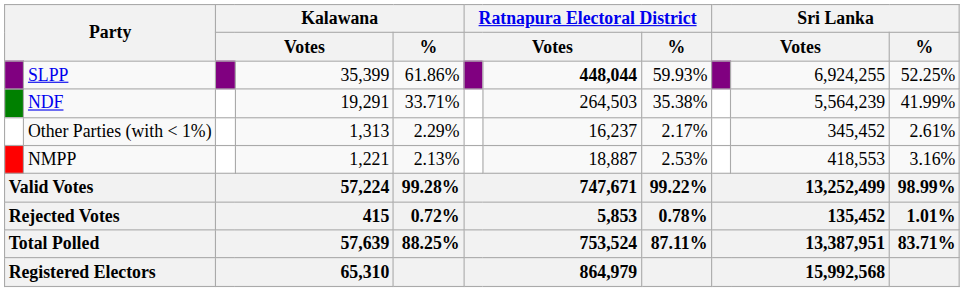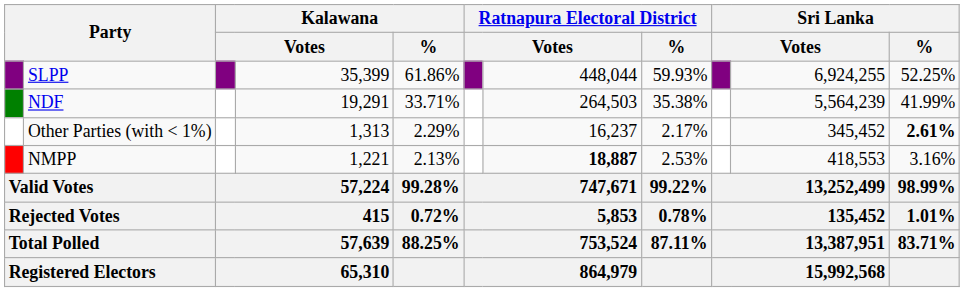 <table class="wikitable">
 <tr>
 <th colspan="2" width="144px"rowspan="2">Party</th>
 <th colspan="3" width="216px">Kalawana</th>
 <th colspan="3" width="216px"><a href='#'>Ratnapura Electoral District</a></th>
 <th colspan="3" width="216px">Sri Lanka</th>
 </tr>
 <tr>
 <th colspan="2" width="144px">Votes</th>
 <th>%</th>
 <th colspan="2" width="144px">Votes</th>
 <th>%</th>
 <th colspan="2" width="144px">Votes</th>
 <th>%</th>
 </tr>
 <tr>
 <td style="background-color:purple;" width="10px"></td>
 <td style="text-align:left;"><a href='#'>SLPP</a></td>
 <td style="background-color:purple;" width="10px"></td>
 <td style="text-align:right;">35,399</td>
 <td style="text-align:right;">61.86%</td>
 <td style="background-color:purple;" width="10px"></td>
-<td style="text-align:right;"><strong>448,044</strong></td>
+<td style="text-align:right;">448,044</td>
 <td style="text-align:right;">59.93%</td>
 <td style="background-color:purple;" width="10px"></td>
 <td style="text-align:right;">6,924,255</td>
 <td style="text-align:right;">52.25%</td>
 </tr>
 <tr>
 <td style="background-color:green;" width="10px"></td>
 <td style="text-align:left;"><a href='#'>NDF</a></td>
 <td style="background-color:white;" width="10px"></td>
 <td style="text-align:right;">19,291</td>
 <td style="text-align:right;">33.71%</td>
 <td style="background-color:white;" width="10px"></td>
 <td style="text-align:right;">264,503</td>
 <td style="text-align:right;">35.38%</td>
 <td style="background-color:white;" width="10px"></td>
 <td style="text-align:right;">5,564,239</td>
 <td style="text-align:right;">41.99%</td>
 </tr>
 <tr>
 <td style="background-color:white;" width="10px"></td>
 <td style="text-align:left;">Other Parties (with < 1%)</td>
 <td style="background-color:white;" width="10px"></td>
 <td style="text-align:right;">1,313</td>
 <td style="text-align:right;">2.29%</td>
 <td style="background-color:white;" width="10px"></td>
 <td style="text-align:right;">16,237</td>
 <td style="text-align:right;">2.17%</td>
 <td style="background-color:white;" width="10px"></td>
 <td style="text-align:right;">345,452</td>
-<td style="text-align:right;">2.61%</td>
+<td style="text-align:right;"><strong>2.61%</strong></td>
 </tr>
 <tr>
 <td style="background-color:red;" width="10px"></td>
 <td style="text-align:left;">NMPP</td>
 <td style="background-color:white;" width="10px"></td>
 <td style="text-align:right;">1,221</td>
 <td style="text-align:right;">2.13%</td>
 <td style="background-color:white;" width="10px"></td>
-<td style="text-align:right;">18,887</td>
+<td style="text-align:right;"><strong>18,887</strong></td>
 <td style="text-align:right;">2.53%</td>
 <td style="background-color:white;" width="10px"></td>
 <td style="text-align:right;">418,553</td>
 <td style="text-align:right;">3.16%</td>
 </tr>
 <tr>
 <th colspan="2" width="144px"style="text-align:left;">Valid Votes</th>
 <th style="text-align:right;"colspan="2" width="144px">57,224</th>
 <th style="text-align:right;">99.28%</th>
 <th style="text-align:right;"colspan="2" width="144px">747,671</th>
 <th style="text-align:right;">99.22%</th>
 <th style="text-align:right;"colspan="2" width="144px">13,252,499</th>
 <th style="text-align:right;">98.99%</th>
 </tr>
 <tr>
 <th colspan="2" width="144px"style="text-align:left;">Rejected Votes</th>
 <th style="text-align:right;"colspan="2" width="144px">415</th>
 <th style="text-align:right;">0.72%</th>
 <th style="text-align:right;"colspan="2" width="144px">5,853</th>
 <th style="text-align:right;">0.78%</th>
 <th style="text-align:right;"colspan="2" width="144px">135,452</th>
 <th style="text-align:right;">1.01%</th>
 </tr>
 <tr>
 <th colspan="2" width="144px"style="text-align:left;">Total Polled</th>
 <th style="text-align:right;"colspan="2" width="144px">57,639</th>
 <th style="text-align:right;">88.25%</th>
 <th style="text-align:right;"colspan="2" width="144px">753,524</th>
 <th style="text-align:right;">87.11%</th>
 <th style="text-align:right;"colspan="2" width="144px">13,387,951</th>
 <th style="text-align:right;">83.71%</th>
 </tr>
 <tr>
 <th colspan="2" width="144px"style="text-align:left;">Registered Electors</th>
 <th style="text-align:right;"colspan="2" width="144px">65,310</th>
 <th></th>
 <th style="text-align:right;"colspan="2" width="144px">864,979</th>
 <th></th>
 <th style="text-align:right;"colspan="2" width="144px">15,992,568</th>
 <th></th>
 </tr>
 </table>
